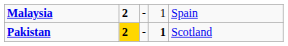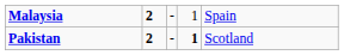 <table class="wikitable">
 <tr>
 <td width=150> <strong><a href='#'>Malaysia</a></strong></td>
 <td style="width:20px; text-align:left;"><strong>2</strong></td>
 <td>-</td>
 <td style="width:20px; text-align:right;">1</td>
 <td width=150> <a href='#'>Spain</a></td>
 </tr>
 <tr>
 <td> <strong><a href='#'>Pakistan</a></strong></td>
-<td style="background: gold; text-align:left;"><strong>2</strong></td>
+<td style="text-align:left;"><strong>2</strong></td>
 <td>-</td>
 <td style="text-align:right;"><strong>1</strong></td>
 <td> <a href='#'>Scotland</a></td>
 </tr>
 </table>
